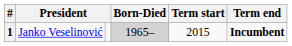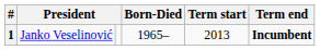 <table class="wikitable" style="text-align:center">
 <tr>
 <th>#</th>
 <th colspan="2">President</th>
 <th>Born-Died</th>
 <th>Term start</th>
 <th>Term end</th>
 </tr>
 <tr>
 <th style="background:">1</th>
 <td><a href='#'>Janko Veselinović</a></td>
 <td></td>
-<td style="background: lightgrey;">1965–</td>
-<td>2015</td>
+<td>1965–</td>
+<td>2013</td>
 <td><strong>Incumbent</strong></td>
 </tr>
 </table>
